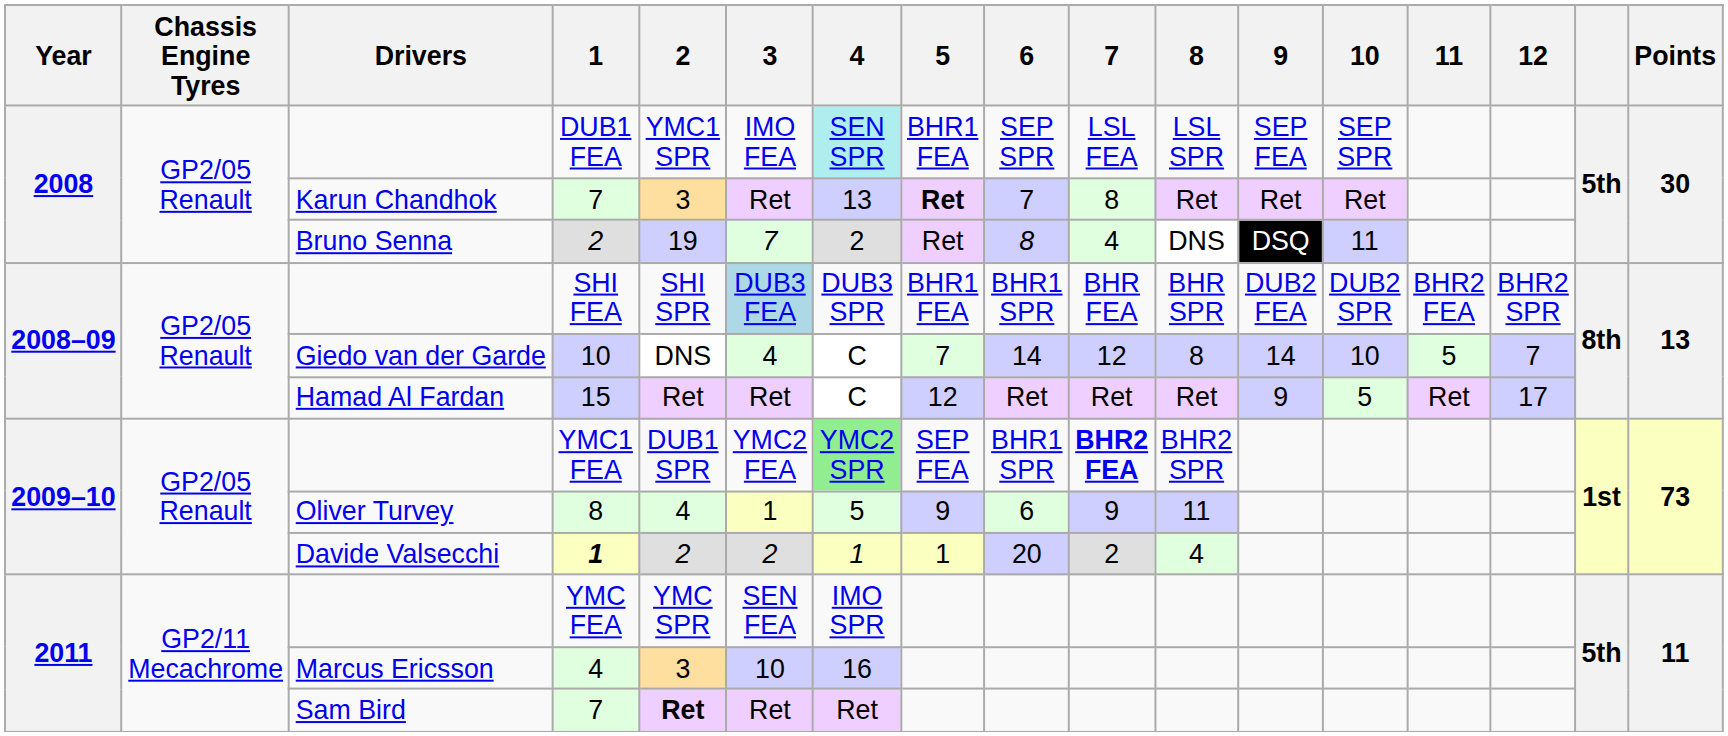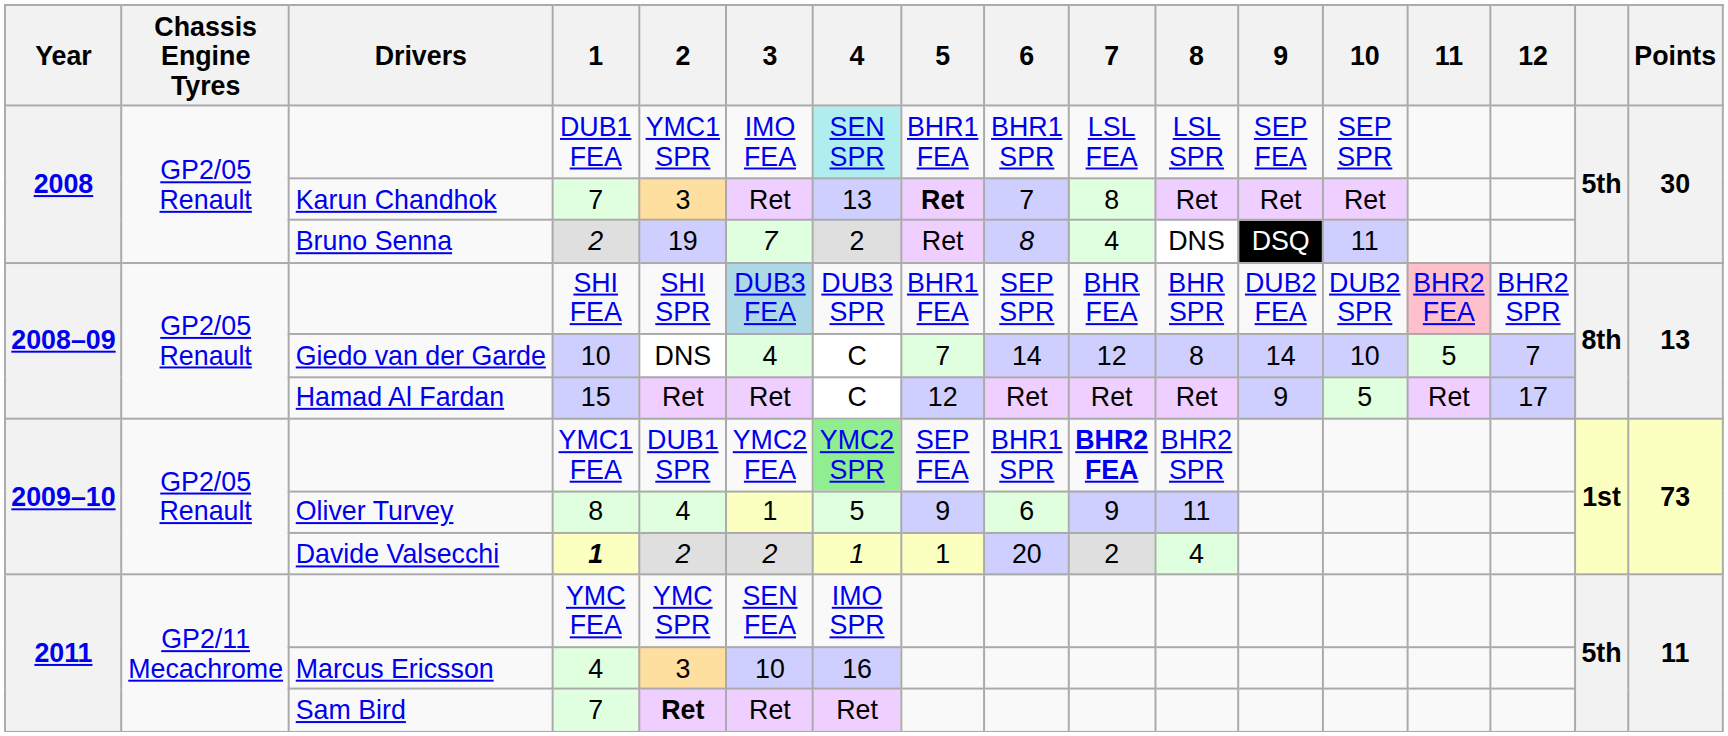 <table class="wikitable" style="text-align:center; font-size:85%;">
 <tr>
 <th>Year</th>
 <th>Chassis<br>Engine<br>Tyres</th>
 <th>Drivers</th>
 <th>1</th>
 <th>2</th>
 <th>3</th>
 <th>4</th>
 <th>5</th>
 <th>6</th>
 <th>7</th>
 <th>8</th>
 <th>9</th>
 <th>10</th>
 <th>11</th>
 <th>12</th>
 <th></th>
 <th>Points</th>
 </tr>
 <tr>
 <th rowspan=3><a href='#'>2008</a></th>
 <td rowspan=3><a href='#'>GP2/05</a><br><a href='#'>Renault</a><br></td>
 <td></td>
 <td><a href='#'>DUB1<br>FEA</a></td>
 <td><a href='#'>YMC1<br>SPR</a></td>
 <td><a href='#'>IMO<br>FEA</a></td>
 <td style="background: paleturquoise;"><a href='#'>SEN<br>SPR</a></td>
 <td><a href='#'>BHR1<br>FEA</a></td>
-<td><a href='#'>SEP<br>SPR</a></td>
+<td><a href='#'>BHR1<br>SPR</a></td>
 <td><a href='#'>LSL<br>FEA</a></td>
 <td><a href='#'>LSL<br>SPR</a></td>
 <td><a href='#'>SEP<br>FEA</a></td>
 <td><a href='#'>SEP<br>SPR</a></td>
 <td></td>
 <td></td>
 <th rowspan=3>5th</th>
 <th rowspan=3>30</th>
 </tr>
 <tr>
 <td align=left> <a href='#'>Karun Chandhok</a></td>
 <td bgcolor="#DFFFDF">7</td>
 <td bgcolor="#FFDF9F">3</td>
 <td bgcolor="#EFCFFF">Ret</td>
 <td bgcolor="#CFCFFF">13</td>
 <td bgcolor="#EFCFFF"><strong>Ret</strong></td>
 <td bgcolor="#CFCFFF">7</td>
 <td bgcolor="#DFFFDF">8</td>
 <td bgcolor="#EFCFFF">Ret</td>
 <td bgcolor="#EFCFFF">Ret</td>
 <td bgcolor="#EFCFFF">Ret</td>
 <td></td>
 <td></td>
 </tr>
 <tr>
 <td align=left> <a href='#'>Bruno Senna</a></td>
 <td bgcolor="#DFDFDF"><em>2</em></td>
 <td bgcolor="#CFCFFF">19</td>
 <td bgcolor="#DFFFDF"><em>7</em></td>
 <td bgcolor="#DFDFDF">2</td>
 <td bgcolor="#EFCFFF">Ret</td>
 <td bgcolor="#CFCFFF"><em>8</em></td>
 <td bgcolor="#DFFFDF">4</td>
 <td bgcolor="#FFFFFF">DNS</td>
 <td style="background:#000000; color:white">DSQ</td>
 <td bgcolor="#CFCFFF">11</td>
 <td></td>
 <td></td>
 </tr>
 <tr>
 <th rowspan=3><a href='#'>2008–09</a></th>
 <td rowspan=3><a href='#'>GP2/05</a><br><a href='#'>Renault</a><br></td>
 <td></td>
 <td><a href='#'>SHI<br>FEA</a></td>
 <td><a href='#'>SHI<br>SPR</a></td>
 <td style="background: lightblue;"><a href='#'>DUB3<br>FEA</a></td>
 <td><a href='#'>DUB3<br>SPR</a></td>
 <td><a href='#'>BHR1<br>FEA</a></td>
-<td><a href='#'>BHR1<br>SPR</a></td>
+<td><a href='#'>SEP<br>SPR</a></td>
 <td><a href='#'>BHR<br>FEA</a></td>
 <td><a href='#'>BHR<br>SPR</a></td>
 <td><a href='#'>DUB2<br>FEA</a></td>
 <td><a href='#'>DUB2<br>SPR</a></td>
-<td><a href='#'>BHR2<br>FEA</a></td>
+<td style="background: pink;"><a href='#'>BHR2<br>FEA</a></td>
 <td><a href='#'>BHR2<br>SPR</a></td>
 <th rowspan=3>8th</th>
 <th rowspan=3>13</th>
 </tr>
 <tr>
 <td align=left> <a href='#'>Giedo van der Garde</a></td>
 <td bgcolor="#CFCFFF">10</td>
 <td bgcolor="#FFFFFF">DNS</td>
 <td bgcolor="#DFFFDF">4</td>
 <td bgcolor="#FFFFFF">C</td>
 <td bgcolor="#DFFFDF">7</td>
 <td bgcolor="#CFCFFF">14</td>
 <td bgcolor="#CFCFFF">12</td>
 <td bgcolor="#CFCFFF">8</td>
 <td bgcolor="#CFCFFF">14</td>
 <td bgcolor="#CFCFFF">10</td>
 <td bgcolor="#DFFFDF">5</td>
 <td bgcolor="#CFCFFF">7</td>
 </tr>
 <tr>
 <td align=left> <a href='#'>Hamad Al Fardan</a></td>
 <td bgcolor="#CFCFFF">15</td>
 <td bgcolor="#EFCFFF">Ret</td>
 <td bgcolor="#EFCFFF">Ret</td>
 <td bgcolor="#FFFFFF">C</td>
 <td bgcolor="#CFCFFF">12</td>
 <td bgcolor="#EFCFFF">Ret</td>
 <td bgcolor="#EFCFFF">Ret</td>
 <td bgcolor="#EFCFFF">Ret</td>
 <td bgcolor="#CFCFFF">9</td>
 <td bgcolor="#DFFFDF">5</td>
 <td bgcolor="#EFCFFF">Ret</td>
 <td bgcolor="#CFCFFF">17</td>
 </tr>
 <tr>
 <th rowspan=3><a href='#'>2009–10</a></th>
 <td rowspan=3><a href='#'>GP2/05</a><br><a href='#'>Renault</a><br></td>
 <td></td>
 <td><a href='#'>YMC1<br>FEA</a></td>
 <td><a href='#'>DUB1<br>SPR</a></td>
 <td><a href='#'>YMC2<br>FEA</a></td>
 <td style="background: lightgreen;"><a href='#'>YMC2<br>SPR</a></td>
 <td><a href='#'>SEP<br>FEA</a></td>
 <td><a href='#'>BHR1<br>SPR</a></td>
 <td><strong><a href='#'>BHR2<br>FEA</a></strong></td>
 <td><a href='#'>BHR2<br>SPR</a></td>
 <td></td>
 <td></td>
 <td></td>
 <td></td>
 <td rowspan=3 bgcolor="#FBFFBF"><strong>1st</strong></td>
 <td rowspan=3 bgcolor="#FBFFBF"><strong>73</strong></td>
 </tr>
 <tr>
 <td align=left> <a href='#'>Oliver Turvey</a></td>
 <td bgcolor="#DFFFDF">8</td>
 <td bgcolor="#DFFFDF">4</td>
 <td bgcolor="#FBFFBF">1</td>
 <td bgcolor="#DFFFDF">5</td>
 <td bgcolor="#CFCFFF">9</td>
 <td bgcolor="#DFFFDF">6</td>
 <td bgcolor="#CFCFFF">9</td>
 <td bgcolor="#CFCFFF">11</td>
 <td></td>
 <td></td>
 <td></td>
 <td></td>
 </tr>
 <tr>
 <td align=left> <a href='#'>Davide Valsecchi</a></td>
 <td bgcolor="#FBFFBF"><strong><em>1</em></strong></td>
 <td bgcolor="#DFDFDF"><em>2</em></td>
 <td bgcolor="#DFDFDF"><em>2</em></td>
 <td bgcolor="#FBFFBF"><em>1</em></td>
 <td bgcolor="#FBFFBF">1</td>
 <td bgcolor="#CFCFFF">20</td>
 <td bgcolor="#DFDFDF">2</td>
 <td bgcolor="#DFFFDF">4</td>
 <td></td>
 <td></td>
 <td></td>
 <td></td>
 </tr>
 <tr>
 <th rowspan=3><a href='#'>2011</a></th>
 <td rowspan=3><a href='#'>GP2/11</a><br><a href='#'>Mecachrome</a><br></td>
 <td></td>
 <td><a href='#'>YMC<br>FEA</a></td>
 <td><a href='#'>YMC<br>SPR</a></td>
 <td><a href='#'>SEN<br>FEA</a></td>
 <td><a href='#'>IMO<br>SPR</a></td>
 <td></td>
 <td></td>
 <td></td>
 <td></td>
 <td></td>
 <td></td>
 <td></td>
 <td></td>
 <th rowspan=3>5th</th>
 <th rowspan=3>11</th>
 </tr>
 <tr>
 <td align=left> <a href='#'>Marcus Ericsson</a></td>
 <td bgcolor="#DFFFDF">4</td>
 <td bgcolor="#FFDF9F">3</td>
 <td bgcolor="#CFCFFF">10</td>
 <td bgcolor="#CFCFFF">16</td>
 <td></td>
 <td></td>
 <td></td>
 <td></td>
 <td></td>
 <td></td>
 <td></td>
 <td></td>
 </tr>
 <tr>
 <td align=left> <a href='#'>Sam Bird</a></td>
 <td bgcolor="#DFFFDF">7</td>
 <td bgcolor="#EFCFFF"><strong>Ret</strong></td>
 <td bgcolor="#EFCFFF">Ret</td>
 <td bgcolor="#EFCFFF">Ret</td>
 <td></td>
 <td></td>
 <td></td>
 <td></td>
 <td></td>
 <td></td>
 <td></td>
 <td></td>
 </tr>
 </table>
